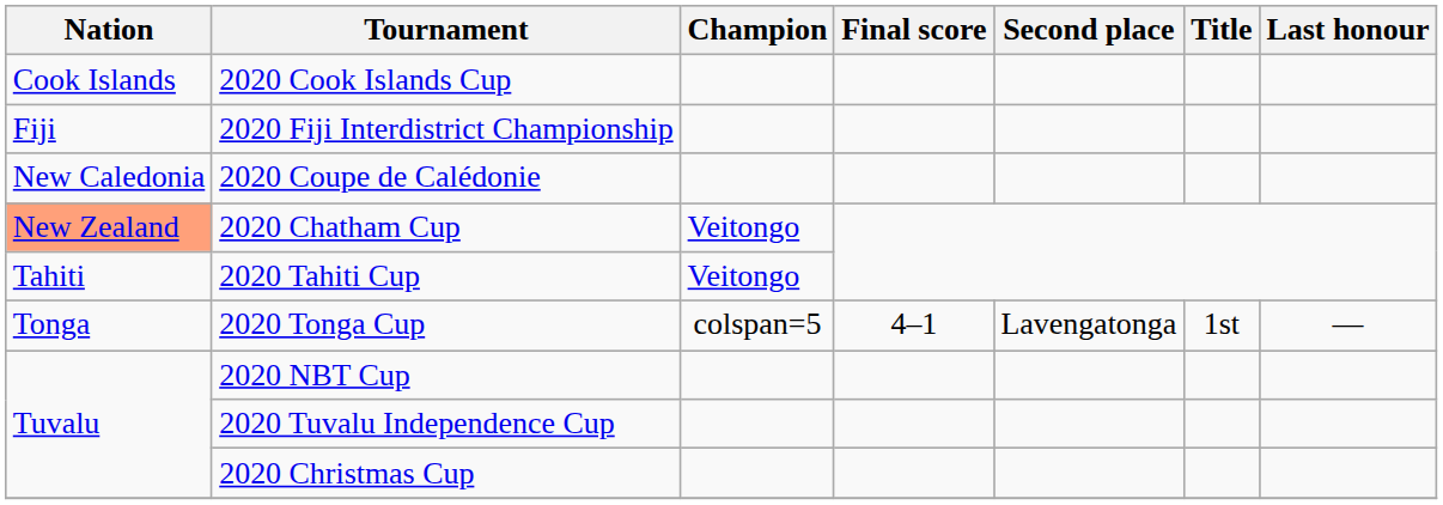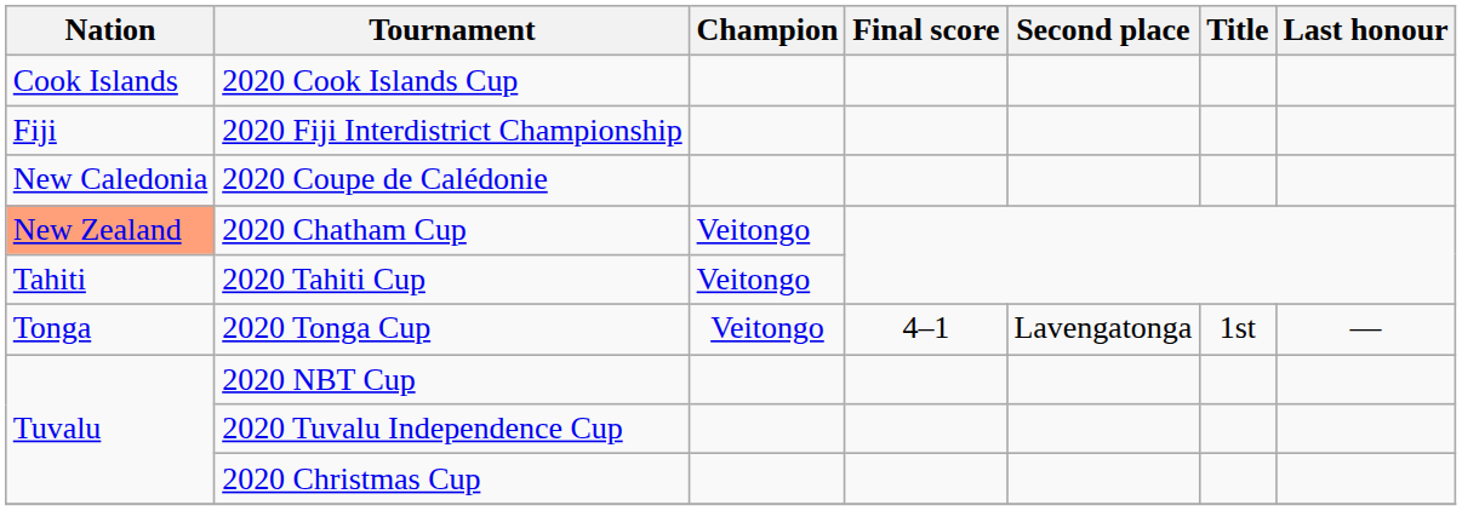 <table class="wikitable sortable">
 <tr>
 <th>Nation</th>
 <th>Tournament</th>
 <th>Champion</th>
 <th>Final score</th>
 <th>Second place</th>
 <th data-sort-type="number">Title</th>
 <th>Last honour</th>
 </tr>
 <tr>
 <td> <a href='#'>Cook Islands</a></td>
 <td><a href='#'>2020 Cook Islands Cup</a></td>
 <td></td>
 <td></td>
 <td></td>
 <td></td>
 <td></td>
 </tr>
 <tr>
 <td> <a href='#'>Fiji</a></td>
 <td><a href='#'>2020 Fiji Interdistrict Championship</a></td>
 <td></td>
 <td></td>
 <td></td>
 <td></td>
 <td></td>
 </tr>
 <tr>
 <td> <a href='#'>New Caledonia</a></td>
 <td><a href='#'>2020 Coupe de Calédonie</a></td>
 <td></td>
 <td></td>
 <td></td>
 <td></td>
 <td></td>
 </tr>
 <tr>
 <td align=left style="background: lightsalmon;"> <a href='#'>New Zealand</a></td>
 <td align=left><a href='#'>2020 Chatham Cup</a></td>
 <td><a href='#'>Veitongo</a></td>
 </tr>
 <tr>
 <td> <a href='#'>Tahiti</a></td>
 <td><a href='#'>2020 Tahiti Cup</a></td>
 <td><a href='#'>Veitongo</a></td>
 </tr>
 <tr align=center>
 <td align=left> <a href='#'>Tonga</a></td>
 <td align=left><a href='#'>2020 Tonga Cup</a></td>
-<td>colspan=5 </td>
+<td><a href='#'>Veitongo</a></td>
 <td>4–1</td>
 <td>Lavengatonga</td>
 <td>1st</td>
 <td>—</td>
 </tr>
 <tr>
 <td rowspan="3"> <a href='#'>Tuvalu</a></td>
 <td><a href='#'>2020 NBT Cup</a></td>
 <td></td>
 <td></td>
 <td></td>
 <td></td>
 <td></td>
 </tr>
 <tr>
 <td><a href='#'>2020 Tuvalu Independence Cup</a></td>
 <td></td>
 <td></td>
 <td></td>
 <td></td>
 <td></td>
 </tr>
 <tr>
 <td><a href='#'>2020 Christmas Cup</a></td>
 <td></td>
 <td></td>
 <td></td>
 <td></td>
 <td></td>
 </tr>
 <tr>
 </tr>
 </table>
